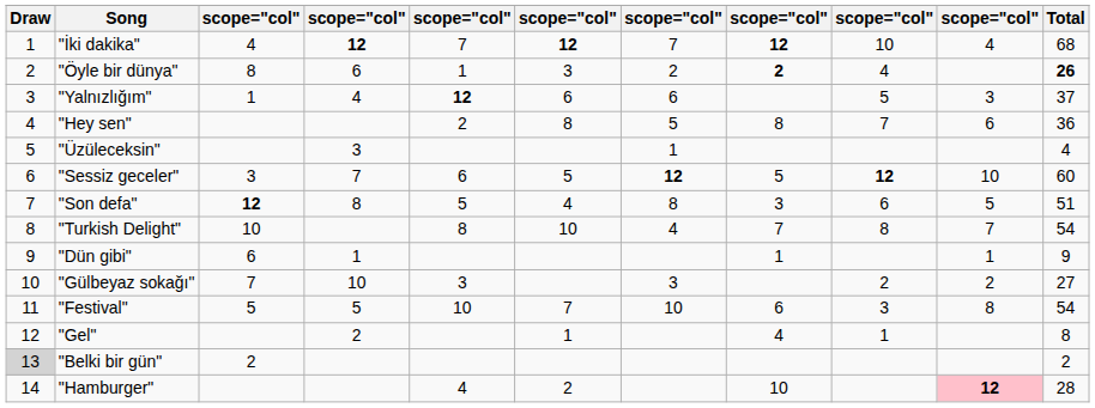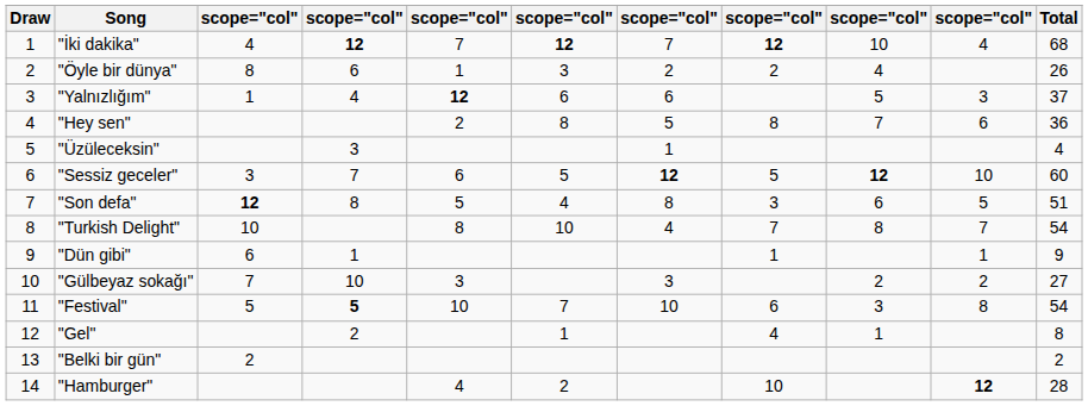 <table class="wikitable plainrowheaders" style="margin: 1em auto 1em auto; text-align:center;">
 <tr>
 </tr>
 <tr>
 <th scope="col">Draw</th>
 <th scope="col">Song</th>
 <th>scope="col" </th>
 <th>scope="col" </th>
 <th>scope="col" </th>
 <th>scope="col" </th>
 <th>scope="col" </th>
 <th>scope="col" </th>
 <th>scope="col" </th>
 <th>scope="col" </th>
 <th scope="col">Total</th>
 </tr>
 <tr --->
 <td>1</td>
 <td align="left">"İki dakika"</td>
 <td>4</td>
 <td><strong>12</strong></td>
 <td>7</td>
 <td><strong>12</strong></td>
 <td>7</td>
 <td><strong>12</strong></td>
 <td>10</td>
 <td>4</td>
 <td>68</td>
 </tr>
 <tr --->
 <td>2</td>
 <td align="left">"Öyle bir dünya"</td>
 <td>8</td>
 <td>6</td>
 <td>1</td>
 <td>3</td>
 <td>2</td>
-<td><strong>2</strong></td>
+<td>2</td>
 <td>4</td>
 <td></td>
-<td><strong>26</strong></td>
+<td>26</td>
 </tr>
 <tr --->
 <td>3</td>
 <td align="left">"Yalnızlığım"</td>
 <td>1</td>
 <td>4</td>
 <td><strong>12</strong></td>
 <td>6</td>
 <td>6</td>
 <td></td>
 <td>5</td>
 <td>3</td>
 <td>37</td>
 </tr>
 <tr --->
 <td>4</td>
 <td align="left">"Hey sen"</td>
 <td></td>
 <td></td>
 <td>2</td>
 <td>8</td>
 <td>5</td>
 <td>8</td>
 <td>7</td>
 <td>6</td>
 <td>36</td>
 </tr>
 <tr --->
 <td>5</td>
 <td align="left">"Üzüleceksin"</td>
 <td></td>
 <td>3</td>
 <td></td>
 <td></td>
 <td>1</td>
 <td></td>
 <td></td>
 <td></td>
 <td>4</td>
 </tr>
 <tr --->
 <td>6</td>
 <td align="left">"Sessiz geceler"</td>
 <td>3</td>
 <td>7</td>
 <td>6</td>
 <td>5</td>
 <td><strong>12</strong></td>
 <td>5</td>
 <td><strong>12</strong></td>
 <td>10</td>
 <td>60</td>
 </tr>
 <tr --->
 <td>7</td>
 <td align="left">"Son defa"</td>
 <td><strong>12</strong></td>
 <td>8</td>
 <td>5</td>
 <td>4</td>
 <td>8</td>
 <td>3</td>
 <td>6</td>
 <td>5</td>
 <td>51</td>
 </tr>
 <tr --->
 <td>8</td>
 <td align="left">"Turkish Delight"</td>
 <td>10</td>
 <td></td>
 <td>8</td>
 <td>10</td>
 <td>4</td>
 <td>7</td>
 <td>8</td>
 <td>7</td>
 <td>54</td>
 </tr>
 <tr --->
 <td>9</td>
 <td align="left">"Dün gibi"</td>
 <td>6</td>
 <td>1</td>
 <td></td>
 <td></td>
 <td></td>
 <td>1</td>
 <td></td>
 <td>1</td>
 <td>9</td>
 </tr>
 <tr --->
 <td>10</td>
 <td align="left">"Gülbeyaz sokağı"</td>
 <td>7</td>
 <td>10</td>
 <td>3</td>
 <td></td>
 <td>3</td>
 <td></td>
 <td>2</td>
 <td>2</td>
 <td>27</td>
 </tr>
 <tr --->
 <td>11</td>
 <td align="left">"Festival"</td>
 <td>5</td>
-<td>5</td>
+<td><strong>5</strong></td>
 <td>10</td>
 <td>7</td>
 <td>10</td>
 <td>6</td>
 <td>3</td>
 <td>8</td>
 <td>54</td>
 </tr>
 <tr --->
 <td>12</td>
 <td align="left">"Gel"</td>
 <td></td>
 <td>2</td>
 <td></td>
 <td>1</td>
 <td></td>
 <td>4</td>
 <td>1</td>
 <td></td>
 <td>8</td>
 </tr>
 <tr --->
-<td style="background: lightgrey;">13</td>
+<td>13</td>
 <td align="left">"Belki bir gün"</td>
 <td>2</td>
 <td></td>
 <td></td>
 <td></td>
 <td></td>
 <td></td>
 <td></td>
 <td></td>
 <td>2</td>
 </tr>
 <tr --->
 <td>14</td>
 <td align="left">"Hamburger"</td>
 <td></td>
 <td></td>
 <td>4</td>
 <td>2</td>
 <td></td>
 <td>10</td>
 <td></td>
-<td style="background: pink;"><strong>12</strong></td>
+<td><strong>12</strong></td>
 <td>28</td>
 </tr>
 </table>
